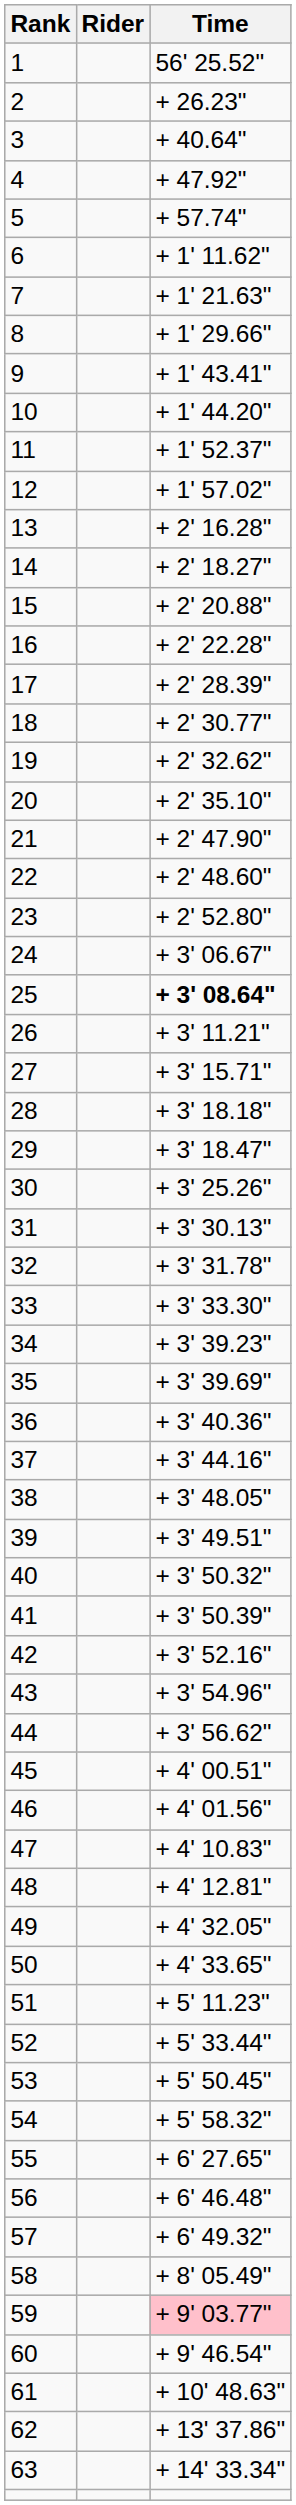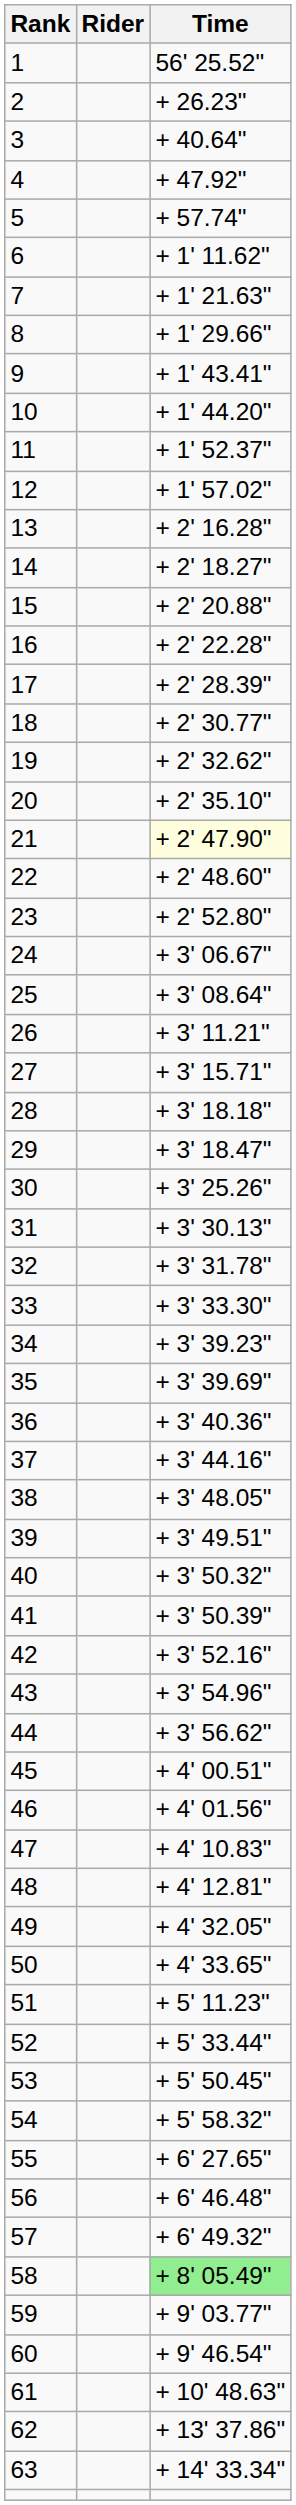 <table class="wikitable">
 <tr>
 <th>Rank</th>
 <th>Rider</th>
 <th>Time</th>
 </tr>
 <tr>
 <td>1</td>
 <td></td>
 <td>56' 25.52"</td>
 </tr>
 <tr>
 <td>2</td>
 <td></td>
 <td>+ 26.23"</td>
 </tr>
 <tr>
 <td>3</td>
 <td></td>
 <td>+ 40.64"</td>
 </tr>
 <tr>
 <td>4</td>
 <td></td>
 <td>+ 47.92"</td>
 </tr>
 <tr>
 <td>5</td>
 <td></td>
 <td>+ 57.74"</td>
 </tr>
 <tr>
 <td>6</td>
 <td></td>
 <td>+ 1' 11.62"</td>
 </tr>
 <tr>
 <td>7</td>
 <td></td>
 <td>+ 1' 21.63"</td>
 </tr>
 <tr>
 <td>8</td>
 <td></td>
 <td>+ 1' 29.66"</td>
 </tr>
 <tr>
 <td>9</td>
 <td></td>
 <td>+ 1' 43.41"</td>
 </tr>
 <tr>
 <td>10</td>
 <td></td>
 <td>+ 1' 44.20"</td>
 </tr>
 <tr>
 <td>11</td>
 <td></td>
 <td>+ 1' 52.37"</td>
 </tr>
 <tr>
 <td>12</td>
 <td></td>
 <td>+ 1' 57.02"</td>
 </tr>
 <tr>
 <td>13</td>
 <td></td>
 <td>+ 2' 16.28"</td>
 </tr>
 <tr>
 <td>14</td>
 <td></td>
 <td>+ 2' 18.27"</td>
 </tr>
 <tr>
 <td>15</td>
 <td></td>
 <td>+ 2' 20.88"</td>
 </tr>
 <tr>
 <td>16</td>
 <td></td>
 <td>+ 2' 22.28"</td>
 </tr>
 <tr>
 <td>17</td>
 <td></td>
 <td>+ 2' 28.39"</td>
 </tr>
 <tr>
 <td>18</td>
 <td></td>
 <td>+ 2' 30.77"</td>
 </tr>
 <tr>
 <td>19</td>
 <td></td>
 <td>+ 2' 32.62"</td>
 </tr>
 <tr>
 <td>20</td>
 <td></td>
 <td>+ 2' 35.10"</td>
 </tr>
 <tr>
 <td>21</td>
 <td></td>
-<td>+ 2' 47.90"</td>
+<td style="background: lightyellow;">+ 2' 47.90"</td>
 </tr>
 <tr>
 <td>22</td>
 <td></td>
 <td>+ 2' 48.60"</td>
 </tr>
 <tr>
 <td>23</td>
 <td></td>
 <td>+ 2' 52.80"</td>
 </tr>
 <tr>
 <td>24</td>
 <td></td>
 <td>+ 3' 06.67"</td>
 </tr>
 <tr>
 <td>25</td>
 <td></td>
-<td><strong>+ 3' 08.64"</strong></td>
+<td>+ 3' 08.64"</td>
 </tr>
 <tr>
 <td>26</td>
 <td></td>
 <td>+ 3' 11.21"</td>
 </tr>
 <tr>
 <td>27</td>
 <td></td>
 <td>+ 3' 15.71"</td>
 </tr>
 <tr>
 <td>28</td>
 <td></td>
 <td>+ 3' 18.18"</td>
 </tr>
 <tr>
 <td>29</td>
 <td></td>
 <td>+ 3' 18.47"</td>
 </tr>
 <tr>
 <td>30</td>
 <td></td>
 <td>+ 3' 25.26"</td>
 </tr>
 <tr>
 <td>31</td>
 <td></td>
 <td>+ 3' 30.13"</td>
 </tr>
 <tr>
 <td>32</td>
 <td></td>
 <td>+ 3' 31.78"</td>
 </tr>
 <tr>
 <td>33</td>
 <td></td>
 <td>+ 3' 33.30"</td>
 </tr>
 <tr>
 <td>34</td>
 <td></td>
 <td>+ 3' 39.23"</td>
 </tr>
 <tr>
 <td>35</td>
 <td></td>
 <td>+ 3' 39.69"</td>
 </tr>
 <tr>
 <td>36</td>
 <td></td>
 <td>+ 3' 40.36"</td>
 </tr>
 <tr>
 <td>37</td>
 <td></td>
 <td>+ 3' 44.16"</td>
 </tr>
 <tr>
 <td>38</td>
 <td></td>
 <td>+ 3' 48.05"</td>
 </tr>
 <tr>
 <td>39</td>
 <td></td>
 <td>+ 3' 49.51"</td>
 </tr>
 <tr>
 <td>40</td>
 <td></td>
 <td>+ 3' 50.32"</td>
 </tr>
 <tr>
 <td>41</td>
 <td></td>
 <td>+ 3' 50.39"</td>
 </tr>
 <tr>
 <td>42</td>
 <td></td>
 <td>+ 3' 52.16"</td>
 </tr>
 <tr>
 <td>43</td>
 <td></td>
 <td>+ 3' 54.96"</td>
 </tr>
 <tr>
 <td>44</td>
 <td></td>
 <td>+ 3' 56.62"</td>
 </tr>
 <tr>
 <td>45</td>
 <td></td>
 <td>+ 4' 00.51"</td>
 </tr>
 <tr>
 <td>46</td>
 <td></td>
 <td>+ 4' 01.56"</td>
 </tr>
 <tr>
 <td>47</td>
 <td></td>
 <td>+ 4' 10.83"</td>
 </tr>
 <tr>
 <td>48</td>
 <td></td>
 <td>+ 4' 12.81"</td>
 </tr>
 <tr>
 <td>49</td>
 <td></td>
 <td>+ 4' 32.05"</td>
 </tr>
 <tr>
 <td>50</td>
 <td></td>
 <td>+ 4' 33.65"</td>
 </tr>
 <tr>
 <td>51</td>
 <td></td>
 <td>+ 5' 11.23"</td>
 </tr>
 <tr>
 <td>52</td>
 <td></td>
 <td>+ 5' 33.44"</td>
 </tr>
 <tr>
 <td>53</td>
 <td></td>
 <td>+ 5' 50.45"</td>
 </tr>
 <tr>
 <td>54</td>
 <td></td>
 <td>+ 5' 58.32"</td>
 </tr>
 <tr>
 <td>55</td>
 <td></td>
 <td>+ 6' 27.65"</td>
 </tr>
 <tr>
 <td>56</td>
 <td></td>
 <td>+ 6' 46.48"</td>
 </tr>
 <tr>
 <td>57</td>
 <td></td>
 <td>+ 6' 49.32"</td>
 </tr>
 <tr>
 <td>58</td>
 <td></td>
-<td>+ 8' 05.49"</td>
+<td style="background: lightgreen;">+ 8' 05.49"</td>
 </tr>
 <tr>
 <td>59</td>
 <td></td>
-<td style="background: pink;">+ 9' 03.77"</td>
+<td>+ 9' 03.77"</td>
 </tr>
 <tr>
 <td>60</td>
 <td></td>
 <td>+ 9' 46.54"</td>
 </tr>
 <tr>
 <td>61</td>
 <td></td>
 <td>+ 10' 48.63"</td>
 </tr>
 <tr>
 <td>62</td>
 <td></td>
 <td>+ 13' 37.86"</td>
 </tr>
 <tr>
 <td>63</td>
 <td></td>
 <td>+ 14' 33.34"</td>
 </tr>
 <tr>
 <td></td>
 <td></td>
 <td></td>
 </tr>
 </table>
